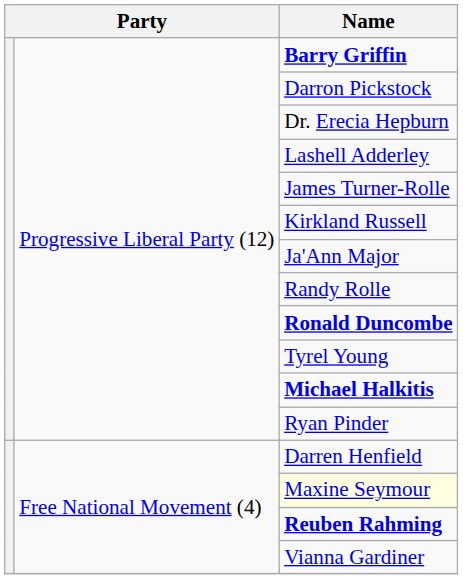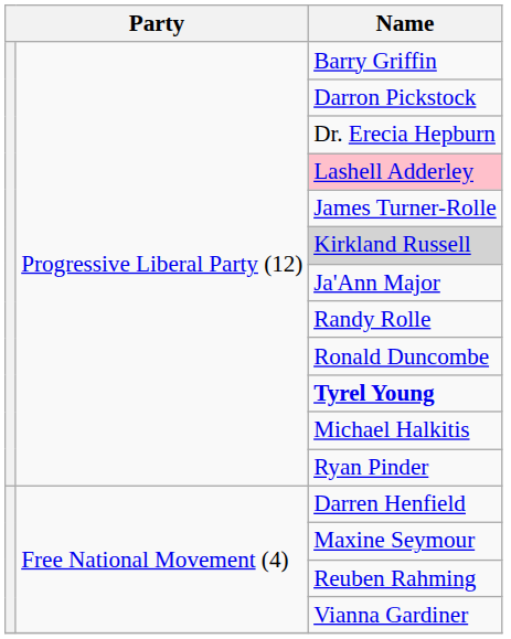 <table class="wikitable sortable">
 <tr>
 <th colspan=2>Party</th>
 <th>Name</th>
 </tr>
 <tr>
 <th rowspan="12" style="background-color: "></th>
 <td rowspan="12"><a href='#'>Progressive Liberal Party</a> (12)</td>
-<td><strong><a href='#'>Barry Griffin</a></strong></td>
+<td><a href='#'>Barry Griffin</a></td>
 </tr>
 <tr>
 <td><a href='#'>Darron Pickstock</a></td>
 </tr>
 <tr>
 <td>Dr. <a href='#'>Erecia Hepburn</a></td>
 </tr>
 <tr>
-<td><a href='#'>Lashell Adderley</a></td>
+<td style="background: pink;"><a href='#'>Lashell Adderley</a></td>
 </tr>
 <tr>
 <td><a href='#'>James Turner-Rolle</a></td>
 </tr>
 <tr>
-<td><a href='#'>Kirkland Russell</a></td>
+<td style="background: lightgrey;"><a href='#'>Kirkland Russell</a></td>
 </tr>
 <tr>
 <td><a href='#'>Ja'Ann Major</a></td>
 </tr>
 <tr>
 <td><a href='#'>Randy Rolle</a></td>
 </tr>
 <tr>
-<td><strong><a href='#'>Ronald Duncombe</a></strong></td>
+<td><a href='#'>Ronald Duncombe</a></td>
 </tr>
 <tr>
-<td><a href='#'>Tyrel Young</a></td>
+<td><strong><a href='#'>Tyrel Young</a></strong></td>
 </tr>
 <tr>
-<td><strong><a href='#'>Michael Halkitis</a></strong></td>
+<td><a href='#'>Michael Halkitis</a></td>
 </tr>
 <tr>
 <td><a href='#'>Ryan Pinder</a></td>
 </tr>
 <tr>
 <th rowspan="4" style="background-color: "></th>
 <td rowspan="4"><a href='#'>Free National Movement</a> (4)</td>
 <td><a href='#'>Darren Henfield</a></td>
 </tr>
 <tr>
-<td style="background: lightyellow;"><a href='#'>Maxine Seymour</a></td>
+<td><a href='#'>Maxine Seymour</a></td>
 </tr>
 <tr>
-<td><strong><a href='#'>Reuben Rahming</a></strong></td>
+<td><a href='#'>Reuben Rahming</a></td>
 </tr>
 <tr>
 <td><a href='#'>Vianna Gardiner</a></td>
 </tr>
 <tr>
 </tr>
 </table>
